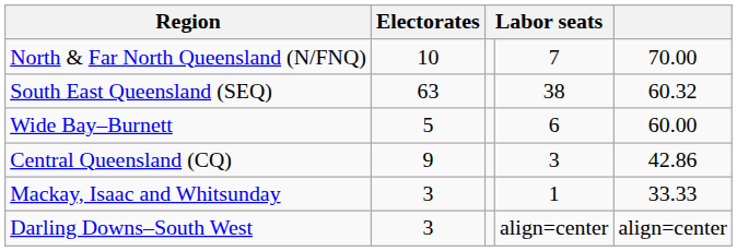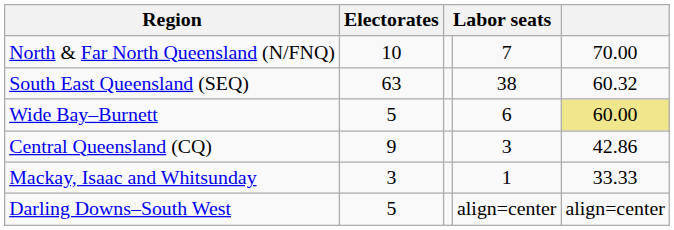 <table class="wikitable">
 <tr>
 <th>Region</th>
 <th>Electorates</th>
 <th colspan=2>Labor seats</th>
 <th></th>
 </tr>
 <tr>
 <td><a href='#'>North</a> & <a href='#'>Far North Queensland</a> (N/FNQ)</td>
 <td align=center>10</td>
 <td></td>
 <td align=center>7</td>
 <td align=center>70.00</td>
 </tr>
 <tr>
 <td><a href='#'>South East Queensland</a> (SEQ)</td>
 <td align=center>63</td>
 <td></td>
 <td align=center>38</td>
 <td align=center>60.32</td>
 </tr>
 <tr>
 <td><a href='#'>Wide Bay–Burnett</a></td>
 <td align=center>5</td>
 <td></td>
 <td align=center>6</td>
-<td align=center>60.00</td>
+<td align=center style="background: khaki;">60.00</td>
 </tr>
 <tr>
 <td><a href='#'>Central Queensland</a> (CQ)</td>
 <td align=center>9</td>
 <td></td>
 <td align=center>3</td>
 <td align=center>42.86</td>
 </tr>
 <tr>
 <td><a href='#'>Mackay, Isaac and Whitsunday</a></td>
 <td align=center>3</td>
 <td></td>
 <td align=center>1</td>
 <td align=center>33.33</td>
 </tr>
 <tr>
 <td><a href='#'>Darling Downs–South West</a></td>
-<td align=center>3</td>
+<td align=center>5</td>
 <td></td>
 <td>align=center </td>
 <td>align=center </td>
 </tr>
 </table>
